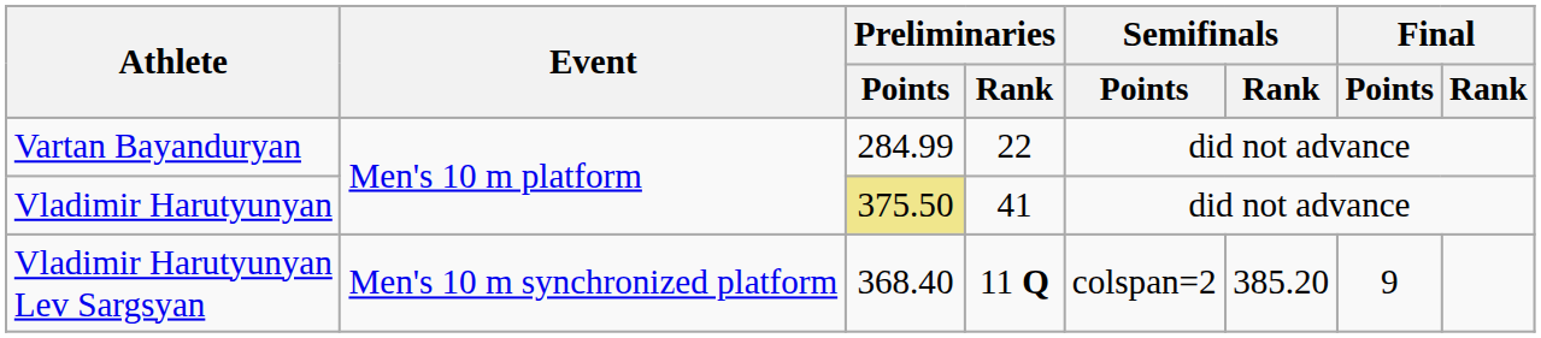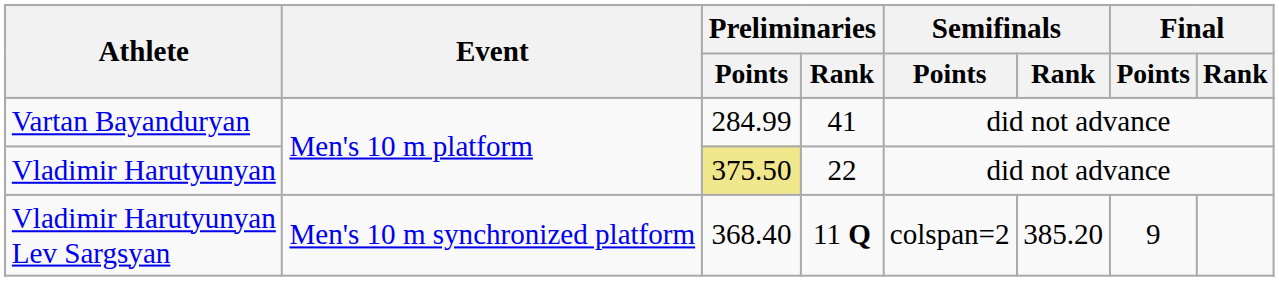 <table class=wikitable style="font-size:90%;">
 <tr>
 <th rowspan="2">Athlete</th>
 <th rowspan="2">Event</th>
 <th colspan="2">Preliminaries</th>
 <th colspan="2">Semifinals</th>
 <th colspan="2">Final</th>
 </tr>
 <tr style="font-size:95%">
 <th>Points</th>
 <th>Rank</th>
 <th>Points</th>
 <th>Rank</th>
 <th>Points</th>
 <th>Rank</th>
 </tr>
 <tr align=center>
 <td align=left><a href='#'>Vartan Bayanduryan</a></td>
 <td align=left rowspan=2><a href='#'>Men's 10 m platform</a></td>
 <td>284.99</td>
-<td>22</td>
+<td>41</td>
 <td colspan=4>did not advance</td>
 </tr>
 <tr align=center>
 <td align=left><a href='#'>Vladimir Harutyunyan</a></td>
 <td style="background: khaki;">375.50</td>
-<td>41</td>
+<td>22</td>
 <td colspan=4>did not advance</td>
 </tr>
 <tr align=center>
 <td align=left><a href='#'>Vladimir Harutyunyan</a><br><a href='#'>Lev Sargsyan</a></td>
 <td align=left><a href='#'>Men's 10 m synchronized platform</a></td>
 <td>368.40</td>
 <td>11 <strong>Q</strong></td>
 <td>colspan=2 </td>
 <td>385.20</td>
 <td>9</td>
 </tr>
 </table>
